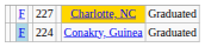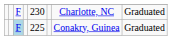 <table class="wikitable sortable sortable" style="text-align: center">
 <tr align=center>
 </tr>
 <tr>
 <td></td>
 <td></td>
 <td><a href='#'>F</a></td>
 <td></td>
-<td>227</td>
+<td>230</td>
 <td></td>
-<td style="background: gold;"><a href='#'>Charlotte, NC</a></td>
+<td><a href='#'>Charlotte, NC</a></td>
 <td>Graduated</td>
 </tr>
 <tr>
 <td></td>
 <td></td>
 <td style="background: lightblue;"><a href='#'>F</a></td>
 <td></td>
-<td>224</td>
+<td>225</td>
 <td></td>
 <td><a href='#'>Conakry, Guinea</a></td>
 <td>Graduated</td>
 </tr>
 </table>
